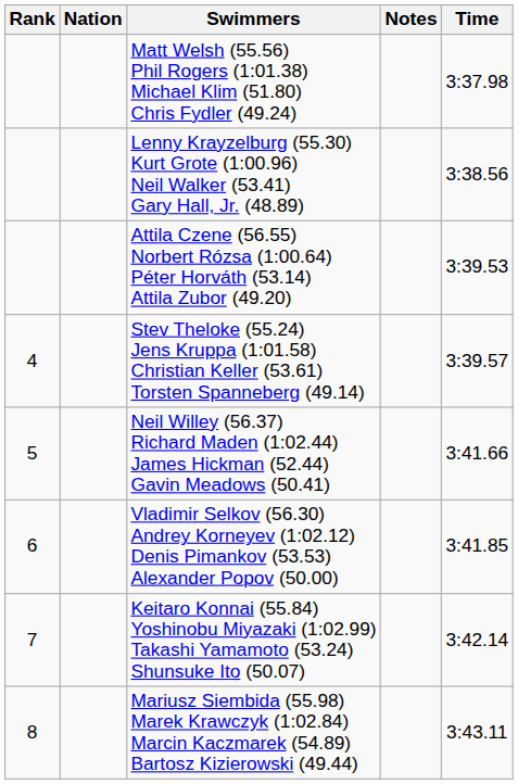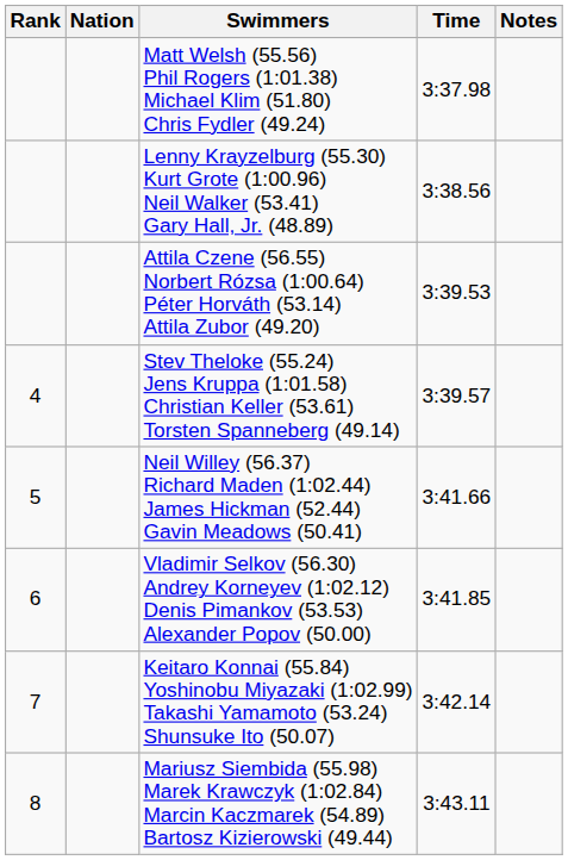 <table class="wikitable sortable" style="text-align:center">
 <tr>
 <th>Rank</th>
 <th>Nation</th>
 <th>Swimmers</th>
+<th>Time</th>
 <th>Notes</th>
-<th>Time</th>
 </tr>
 <tr>
 <td></td>
 <td align=left></td>
 <td align=left><a href='#'>Matt Welsh</a> (55.56)<br><a href='#'>Phil Rogers</a> (1:01.38)<br><a href='#'>Michael Klim</a> (51.80)<br><a href='#'>Chris Fydler</a> (49.24)</td>
+<td>3:37.98</td>
 <td></td>
-<td>3:37.98</td>
 </tr>
 <tr>
 <td></td>
 <td align=left></td>
 <td align=left><a href='#'>Lenny Krayzelburg</a> (55.30)<br><a href='#'>Kurt Grote</a> (1:00.96)<br><a href='#'>Neil Walker</a> (53.41)<br><a href='#'>Gary Hall, Jr.</a> (48.89)</td>
+<td>3:38.56</td>
 <td></td>
-<td>3:38.56</td>
 </tr>
 <tr>
 <td></td>
 <td align=left></td>
 <td align=left><a href='#'>Attila Czene</a> (56.55)<br><a href='#'>Norbert Rózsa</a> (1:00.64)<br><a href='#'>Péter Horváth</a> (53.14)<br><a href='#'>Attila Zubor</a> (49.20)</td>
+<td>3:39.53</td>
 <td></td>
-<td>3:39.53</td>
 </tr>
 <tr>
 <td>4</td>
 <td align=left></td>
 <td align=left><a href='#'>Stev Theloke</a> (55.24)<br><a href='#'>Jens Kruppa</a> (1:01.58)<br><a href='#'>Christian Keller</a> (53.61)<br><a href='#'>Torsten Spanneberg</a> (49.14)</td>
+<td>3:39.57</td>
 <td></td>
-<td>3:39.57</td>
 </tr>
 <tr>
 <td>5</td>
 <td align=left></td>
 <td align=left><a href='#'>Neil Willey</a> (56.37)<br><a href='#'>Richard Maden</a> (1:02.44)<br><a href='#'>James Hickman</a> (52.44)<br><a href='#'>Gavin Meadows</a> (50.41)</td>
+<td>3:41.66</td>
 <td></td>
-<td>3:41.66</td>
 </tr>
 <tr>
 <td>6</td>
 <td align=left></td>
 <td align=left><a href='#'>Vladimir Selkov</a> (56.30)<br><a href='#'>Andrey Korneyev</a> (1:02.12)<br><a href='#'>Denis Pimankov</a> (53.53)<br><a href='#'>Alexander Popov</a> (50.00)</td>
+<td>3:41.85</td>
 <td></td>
-<td>3:41.85</td>
 </tr>
 <tr>
 <td>7</td>
 <td align=left></td>
 <td align=left><a href='#'>Keitaro Konnai</a> (55.84)<br><a href='#'>Yoshinobu Miyazaki</a> (1:02.99)<br><a href='#'>Takashi Yamamoto</a> (53.24)<br><a href='#'>Shunsuke Ito</a> (50.07)</td>
+<td>3:42.14</td>
 <td></td>
-<td>3:42.14</td>
 </tr>
 <tr>
 <td>8</td>
 <td align=left></td>
 <td align=left><a href='#'>Mariusz Siembida</a> (55.98)<br><a href='#'>Marek Krawczyk</a> (1:02.84)<br><a href='#'>Marcin Kaczmarek</a> (54.89)<br><a href='#'>Bartosz Kizierowski</a> (49.44)</td>
+<td>3:43.11</td>
 <td></td>
-<td>3:43.11</td>
 </tr>
 </table>
